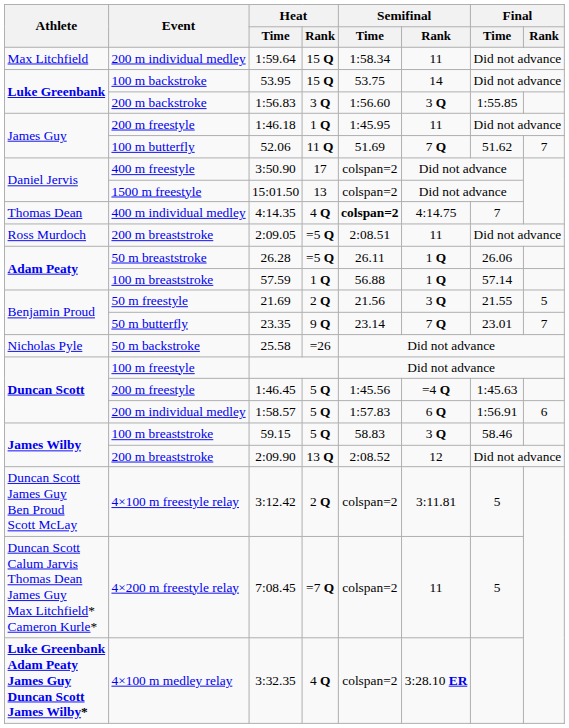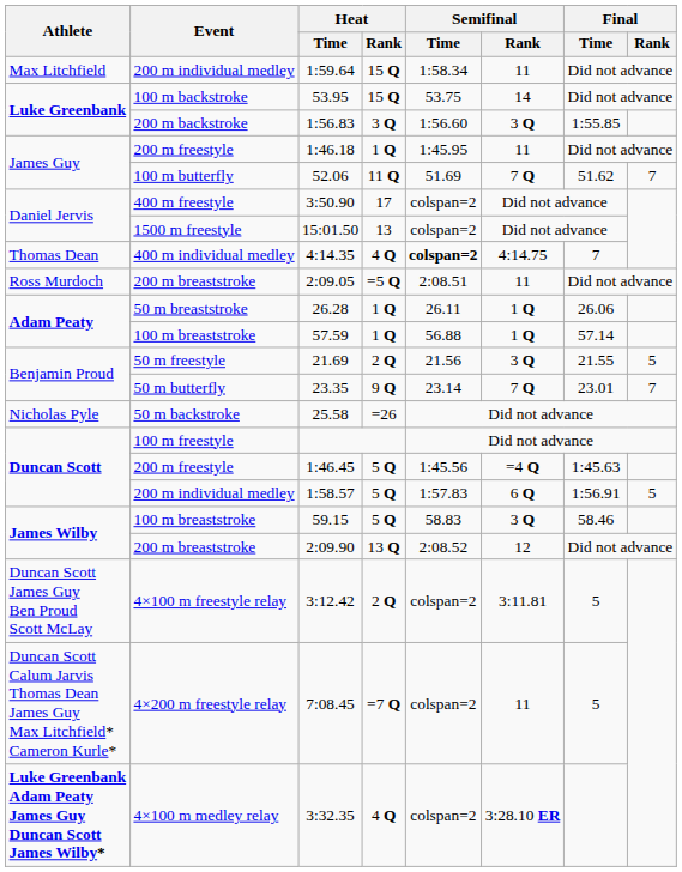 <table class="wikitable" style="text-align:center; font-size:90%">
 <tr>
 <th rowspan="2">Athlete</th>
 <th rowspan="2">Event</th>
 <th colspan="2">Heat</th>
 <th colspan="2">Semifinal</th>
 <th colspan="2">Final</th>
 </tr>
 <tr style="font-size:95%">
 <th>Time</th>
 <th>Rank</th>
 <th>Time</th>
 <th>Rank</th>
 <th>Time</th>
 <th>Rank</th>
 </tr>
 <tr>
 <td align=left><a href='#'>Max Litchfield</a></td>
 <td align=left><a href='#'>200 m individual medley</a></td>
 <td>1:59.64</td>
 <td>15 <strong>Q</strong></td>
 <td>1:58.34</td>
 <td>11</td>
 <td colspan=2>Did not advance</td>
 </tr>
 <tr>
 <td align=left rowspan=2><strong><a href='#'>Luke Greenbank</a></strong></td>
 <td align=left><a href='#'>100 m backstroke</a></td>
 <td>53.95</td>
 <td>15 <strong>Q</strong></td>
 <td>53.75</td>
 <td>14</td>
 <td colspan=2>Did not advance</td>
 </tr>
 <tr>
 <td align=left><a href='#'>200 m backstroke</a></td>
 <td>1:56.83</td>
 <td>3 <strong>Q</strong></td>
 <td>1:56.60</td>
 <td>3 <strong>Q</strong></td>
 <td>1:55.85</td>
 <td></td>
 </tr>
 <tr>
 <td align=left rowspan=2><a href='#'>James Guy</a></td>
 <td align=left><a href='#'>200 m freestyle</a></td>
 <td>1:46.18</td>
 <td>1 <strong>Q</strong></td>
 <td>1:45.95</td>
 <td>11</td>
 <td colspan=2>Did not advance</td>
 </tr>
 <tr>
 <td align=left><a href='#'>100 m butterfly</a></td>
 <td>52.06</td>
 <td>11 <strong>Q</strong></td>
 <td>51.69</td>
 <td>7 <strong>Q</strong></td>
 <td>51.62</td>
 <td>7</td>
 </tr>
 <tr>
 <td align=left rowspan=2><a href='#'>Daniel Jervis</a></td>
 <td align=left><a href='#'>400 m freestyle</a></td>
 <td>3:50.90</td>
 <td>17</td>
 <td>colspan=2 </td>
 <td colspan=2>Did not advance</td>
 </tr>
 <tr>
 <td align=left><a href='#'>1500 m freestyle</a></td>
 <td>15:01.50</td>
 <td>13</td>
 <td>colspan=2 </td>
 <td colspan=2>Did not advance</td>
 </tr>
 <tr>
 <td align=left><a href='#'>Thomas Dean</a></td>
 <td align=left><a href='#'>400 m individual medley</a></td>
 <td>4:14.35</td>
 <td>4 <strong>Q</strong></td>
 <td><strong>colspan=2 </strong></td>
 <td>4:14.75</td>
 <td>7</td>
 </tr>
 <tr>
 <td align=left><a href='#'>Ross Murdoch</a></td>
 <td align=left><a href='#'>200 m breaststroke</a></td>
 <td>2:09.05</td>
 <td>=5 <strong>Q</strong></td>
 <td>2:08.51</td>
 <td>11</td>
 <td colspan=2>Did not advance</td>
 </tr>
 <tr>
 <td align=left rowspan=2><strong><a href='#'>Adam Peaty</a></strong></td>
 <td align=left><a href='#'>50 m breaststroke</a></td>
 <td>26.28</td>
-<td>=5 <strong>Q</strong></td>
+<td>1 <strong>Q</strong></td>
 <td>26.11</td>
 <td>1 <strong>Q</strong></td>
 <td>26.06</td>
 <td></td>
 </tr>
 <tr>
 <td align=left><a href='#'>100 m breaststroke</a></td>
 <td>57.59</td>
 <td>1 <strong>Q</strong></td>
 <td>56.88 </td>
 <td>1 <strong>Q</strong></td>
 <td>57.14</td>
 <td></td>
 </tr>
 <tr>
 <td align=left rowspan=2><a href='#'>Benjamin Proud</a></td>
 <td align=left><a href='#'>50 m freestyle</a></td>
 <td>21.69</td>
 <td>2 <strong>Q</strong></td>
 <td>21.56</td>
 <td>3 <strong>Q</strong></td>
 <td>21.55</td>
 <td>5</td>
 </tr>
 <tr>
 <td align=left><a href='#'>50 m butterfly</a></td>
 <td>23.35</td>
 <td>9 <strong>Q</strong></td>
 <td>23.14</td>
 <td>7 <strong>Q</strong></td>
 <td>23.01</td>
 <td>7</td>
 </tr>
 <tr>
 <td align=left><a href='#'>Nicholas Pyle</a></td>
 <td align=left><a href='#'>50 m backstroke</a></td>
 <td>25.58</td>
 <td>=26</td>
 <td colspan=4>Did not advance</td>
 </tr>
 <tr>
 <td align=left rowspan=3><strong><a href='#'>Duncan Scott</a></strong></td>
 <td align=left><a href='#'>100 m freestyle</a></td>
 <td colspan=2></td>
 <td colspan=4>Did not advance</td>
 </tr>
 <tr>
 <td align=left><a href='#'>200 m freestyle</a></td>
 <td>1:46.45</td>
 <td>5 <strong>Q</strong></td>
 <td>1:45.56</td>
 <td>=4 <strong>Q</strong></td>
 <td>1:45.63</td>
 <td></td>
 </tr>
 <tr>
 <td align=left><a href='#'>200 m individual medley</a></td>
 <td>1:58.57</td>
 <td>5 <strong>Q</strong></td>
 <td>1:57.83</td>
 <td>6 <strong>Q</strong></td>
 <td>1:56.91</td>
-<td>6</td>
+<td>5</td>
 </tr>
 <tr>
 <td align=left rowspan=2><strong><a href='#'>James Wilby</a></strong></td>
 <td align=left><a href='#'>100 m breaststroke</a></td>
 <td>59.15</td>
 <td>5 <strong>Q</strong></td>
 <td>58.83</td>
 <td>3 <strong>Q</strong></td>
 <td>58.46</td>
 <td></td>
 </tr>
 <tr>
 <td align=left><a href='#'>200 m breaststroke</a></td>
 <td>2:09.90</td>
 <td>13 <strong>Q</strong></td>
 <td>2:08.52</td>
 <td>12</td>
 <td colspan=2>Did not advance</td>
 </tr>
 <tr>
 <td align=left><a href='#'>Duncan Scott</a><br><a href='#'>James Guy</a><br><a href='#'>Ben Proud</a><br><a href='#'>Scott McLay</a></td>
 <td align=left><a href='#'>4×100 m freestyle relay</a></td>
 <td>3:12.42</td>
 <td>2 <strong>Q</strong></td>
 <td>colspan=2 </td>
 <td>3:11.81</td>
 <td>5</td>
 </tr>
 <tr>
 <td align=left><a href='#'>Duncan Scott</a><br><a href='#'>Calum Jarvis</a><br><a href='#'>Thomas Dean</a><br><a href='#'>James Guy</a><br><a href='#'>Max Litchfield</a>*<br><a href='#'>Cameron Kurle</a>*</td>
 <td align=left><a href='#'>4×200 m freestyle relay</a></td>
 <td>7:08.45</td>
 <td>=7 <strong>Q</strong></td>
 <td>colspan=2 </td>
 <td>11</td>
 <td>5</td>
 </tr>
 <tr>
 <td align=left><strong><a href='#'>Luke Greenbank</a><br><a href='#'>Adam Peaty</a><br><a href='#'>James Guy</a><br><a href='#'>Duncan Scott</a><br><a href='#'>James Wilby</a>*</strong></td>
 <td align=left><a href='#'>4×100 m medley relay</a></td>
 <td>3:32.35</td>
 <td>4 <strong>Q</strong></td>
 <td>colspan=2 </td>
 <td>3:28.10 <strong><a href='#'>ER</a></strong></td>
 <td></td>
 </tr>
 </table>
